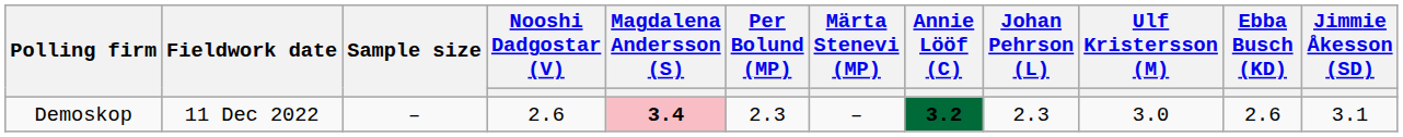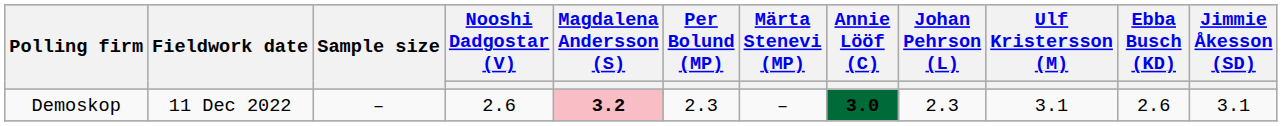 <table class="wikitable sortable" style="text-align:center;font-size:90%;line-height:14px;">
 <tr style="height:40px;">
 <th rowspan="2">Polling firm</th>
 <th rowspan="2">Fieldwork date</th>
 <th rowspan="2">Sample size</th>
 <th class="sortable" style="width:40px;"><a href='#'>Nooshi Dadgostar (V)</a></th>
 <th class="sortable" style="width:40px;"><a href='#'>Magdalena Andersson (S)</a></th>
 <th class="sortable" style="width:40px;"><a href='#'>Per Bolund (MP)</a></th>
 <th class="sortable" style="width:40px;"><a href='#'>Märta Stenevi (MP)</a></th>
 <th class="sortable" style="width:40px;"><a href='#'>Annie Lööf (C)</a></th>
 <th class="sortable" style="width:40px;"><a href='#'>Johan Pehrson (L)</a></th>
 <th class="sortable" style="width:40px;"><a href='#'>Ulf Kristersson (M)</a></th>
 <th class="sortable" style="width:40px;"><a href='#'>Ebba Busch (KD)</a></th>
 <th class="sortable" style="width:40px;"><a href='#'>Jimmie Åkesson (SD)</a></th>
 </tr>
 <tr>
 <th style="background:"></th>
 <th style="background:"></th>
 <th style="background:"></th>
 <th style="background:"></th>
 <th style="background:"></th>
 <th style="background:"></th>
 <th style="background:"></th>
 <th style="background:"></th>
 <th style="background:"></th>
 </tr>
 <tr>
 <td>Demoskop</td>
 <td>11 Dec 2022</td>
 <td>–</td>
 <td>2.6</td>
-<td style="background:#F9BDC5;"><strong>3.4</strong></td>
+<td style="background:#F9BDC5;"><strong>3.2</strong></td>
 <td>2.3</td>
 <td>–</td>
-<td style="background:#016A39;"><strong>3.2</strong></td>
+<td style="background:#016A39;"><strong>3.0</strong></td>
 <td>2.3</td>
-<td>3.0</td>
+<td>3.1</td>
 <td>2.6</td>
 <td>3.1</td>
 </tr>
 </table>
